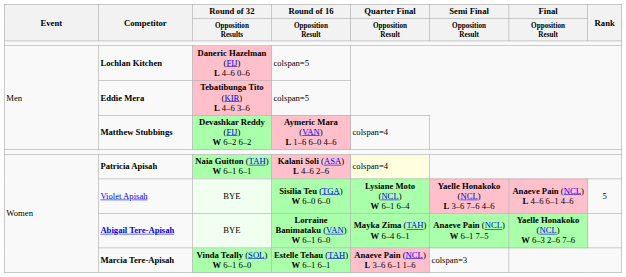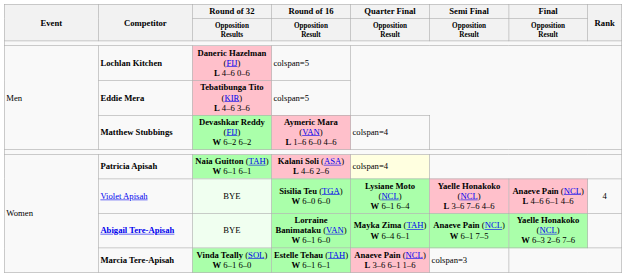 <table class=wikitable style="font-size:90%">
 <tr>
 <th rowspan="2" width=150>Event</th>
 <th rowspan="2" width=150>Competitor</th>
 <th width=125>Round of 32</th>
 <th width=125>Round of 16</th>
 <th width=125>Quarter Final</th>
 <th width=125>Semi Final</th>
 <th width=125>Final</th>
 <th rowspan="2" width=50>Rank</th>
 </tr>
 <tr>
 <th style="line-height:1em"><small>Opposition<br>Results</small></th>
 <th style="line-height:1em"><small>Opposition<br>Result</small></th>
 <th style="line-height:1em"><small>Opposition<br>Result</small></th>
 <th style="line-height:1em"><small>Opposition<br>Result</small></th>
 <th style="line-height:1em"><small>Opposition<br>Result</small></th>
 </tr>
 <tr>
 <td colspan=8 height=1></td>
 </tr>
 <tr>
 <td rowspan=3>Men</td>
 <td><strong>Lochlan Kitchen</strong></td>
 <td align="center" bgcolor="pink"> <strong>Daneric Hazelman</strong> (<a href='#'>FIJ</a>)<br><strong>L</strong> 4–6 0–6</td>
 <td>colspan=5 </td>
 </tr>
 <tr>
 <td><strong>Eddie Mera</strong></td>
 <td align="center" bgcolor="pink"> <strong>Tebatibunga Tito</strong> (<a href='#'>KIR</a>)<br><strong>L</strong> 4–6 3–6</td>
 <td>colspan=5 </td>
 </tr>
 <tr>
 <td><strong>Matthew Stubbings</strong></td>
 <td align="center" bgcolor="aaffaa"> <strong>Devashkar Reddy</strong> (<a href='#'>FIJ</a>)<br><strong>W</strong> 6–2 6–2</td>
 <td align="center" bgcolor="pink"> <strong>Aymeric Mara</strong> (<a href='#'>VAN</a>)<br><strong>L</strong> 1–6 6–0 4–6</td>
 <td>colspan=4 </td>
 </tr>
 <tr>
 <td colspan=8 height=1></td>
 </tr>
 <tr>
 <td rowspan=4>Women</td>
 <td><strong>Patricia Apisah</strong></td>
 <td align="center" bgcolor="aaffaa"> <strong>Naia Guitton</strong> (<a href='#'>TAH</a>)<br><strong>W</strong> 6–1 6–1</td>
 <td align="center" bgcolor="pink"> <strong>Kalani Soli</strong> (<a href='#'>ASA</a>)<br><strong>L</strong> 4–6 2–6</td>
 <td style="background: lightyellow;">colspan=4 </td>
 </tr>
 <tr>
 <td><a href='#'>Violet Apisah</a></td>
 <td align="center" bgcolor="honeydew">BYE</td>
 <td align="center" bgcolor="aaffaa"> <strong>Sisilia Teu</strong> (<a href='#'>TGA</a>)<br><strong>W</strong> 6–0 6–0</td>
 <td align="center" bgcolor="aaffaa"> <strong>Lysiane Moto</strong> (<a href='#'>NCL</a>)<br><strong>W</strong> 6–1 6–4</td>
 <td align="center" bgcolor="pink"> <strong>Yaelle Honakoko</strong> (<a href='#'>NCL</a>)<br><strong>L</strong> 3–6 7–6 4–6</td>
 <td align="center" bgcolor="pink"> <strong>Anaeve Pain</strong> (<a href='#'>NCL</a>)<br><strong>L</strong> 4–6 6–1 4–6</td>
-<td align="center">5</td>
+<td align="center">4</td>
 </tr>
 <tr>
 <td><strong><a href='#'>Abigail Tere-Apisah</a></strong></td>
 <td align="center" bgcolor="honeydew">BYE</td>
 <td align="center" bgcolor="aaffaa"> <strong>Lorraine Banimataku</strong> (<a href='#'>VAN</a>)<br><strong>W</strong> 6–1 6–0</td>
 <td align="center" bgcolor="aaffaa"> <strong>Mayka Zima</strong> (<a href='#'>TAH</a>)<br><strong>W</strong> 6–4 6–1</td>
 <td align="center" bgcolor="aaffaa"> <strong>Anaeve Pain</strong> (<a href='#'>NCL</a>)<br><strong>W</strong> 6–1 7–5</td>
 <td align="center" bgcolor="aaffaa"> <strong>Yaelle Honakoko</strong> (<a href='#'>NCL</a>)<br><strong>W</strong> 6–3 2–6 7–6</td>
 <td align="center"></td>
 </tr>
 <tr>
 <td><strong>Marcia Tere-Apisah</strong></td>
 <td align="center" bgcolor="aaffaa"> <strong>Vinda Teally</strong> (<a href='#'>SOL</a>)<br><strong>W</strong> 6–1 6–0</td>
 <td align="center" bgcolor="aaffaa"> <strong>Estelle Tehau</strong> (<a href='#'>TAH</a>)<br><strong>W</strong> 6–1 6–1</td>
 <td align="center" bgcolor="pink"> <strong>Anaeve Pain</strong> (<a href='#'>NCL</a>)<br><strong>L</strong> 3–6 6–1 1–6</td>
 <td>colspan=3 </td>
 </tr>
 </table>
